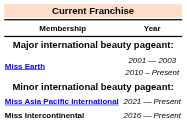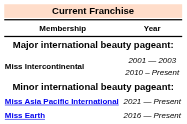 <table class="toccolours" style="width: 20em; font-size:80%; line-height:1.5em; width:23%;">
 <tr>
 <th colspan="2" align="center" style="background:#FFDDCA;"><big>Current Franchise</big></th>
 </tr>
 <tr>
 <td colspan="2" style="background:black"></td>
 </tr>
 <tr>
 <th scope="col">Membership</th>
 <th scope="col">Year</th>
 </tr>
 <tr>
 <td colspan="2" style="background:black"></td>
 </tr>
 <tr>
 <th colspan="2" align="center"><big>Major international beauty pageant:</big></th>
 </tr>
 <tr>
-<td align="left"><strong><a href='#'>Miss Earth</a></strong></td>
+<td align="left"><strong>Miss Intercontinental</strong></td>
 <td align="center"><em>2001 — 2003<br>2010 – Present</em></td>
 </tr>
 <tr>
 <th colspan="2" align="center"><big>Minor international beauty pageant:</big></th>
 </tr>
 <tr>
 <td align="left"><strong><a href='#'>Miss Asia Pacific International</a></strong></td>
 <td align="center"><em>2021 — Present</em></td>
 </tr>
 <tr>
-<td align="left"><strong>Miss Intercontinental</strong></td>
+<td align="left"><strong><a href='#'>Miss Earth</a></strong></td>
 <td align="center"><em>2016 — Present</em></td>
 </tr>
 <tr>
 </tr>
 </table>
